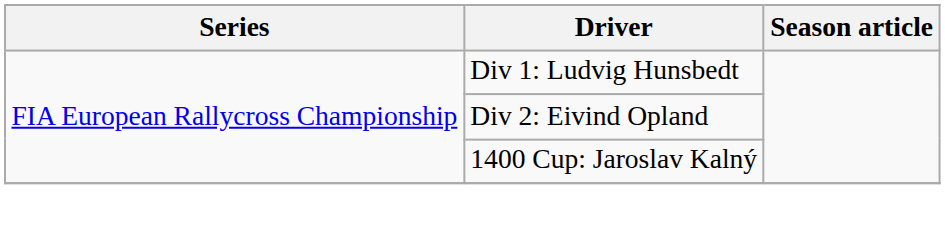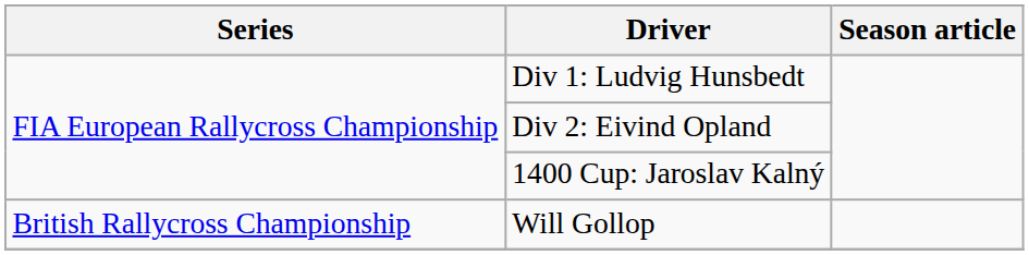 <table class="wikitable" style="font-size: 87%;">
 <tr>
 <th>Series</th>
 <th>Driver</th>
 <th>Season article</th>
 </tr>
 <tr>
 <td rowspan=3><a href='#'>FIA European Rallycross Championship</a></td>
 <td>Div 1:  Ludvig Hunsbedt</td>
 <td rowspan=3></td>
 </tr>
 <tr>
 <td>Div 2:  Eivind Opland</td>
 </tr>
 <tr>
 <td>1400 Cup:  Jaroslav Kalný</td>
 </tr>
 <tr>
+<td><a href='#'>British Rallycross Championship</a></td>
+<td> Will Gollop</td>
+<td></td>
+</tr>
+<tr>
 </tr>
 </table>
